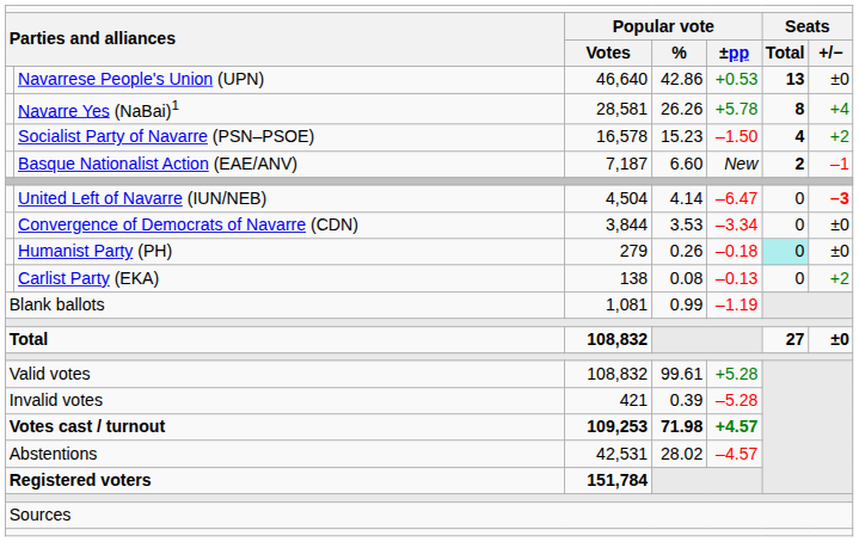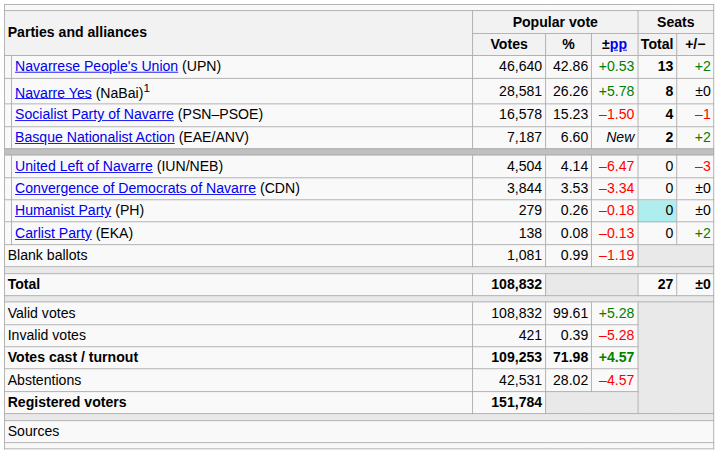 <table class="wikitable" style="text-align:right;">
 <tr>
 <td colspan="7"></td>
 </tr>
 <tr>
 <th style="text-align:left;" rowspan="2" colspan="2" width="525">Parties and alliances</th>
 <th colspan="3">Popular vote</th>
 <th colspan="2">Seats</th>
 </tr>
 <tr>
 <th width="75">Votes</th>
 <th width="45">%</th>
 <th width="45">±<a href='#'>pp</a></th>
 <th width="35">Total</th>
 <th width="35">+/−</th>
 </tr>
 <tr>
 <td width="1" style="color:inherit;background:"></td>
 <td align="left"><a href='#'>Navarrese People's Union</a> (UPN)</td>
 <td>46,640</td>
 <td>42.86</td>
 <td style="color:green;">+0.53</td>
 <td><strong>13</strong></td>
-<td>±0</td>
+<td style="color:green;">+2</td>
 </tr>
 <tr>
 <td style="color:inherit;background:"></td>
 <td align="left"><a href='#'>Navarre Yes</a> (NaBai)<sup>1</sup></td>
 <td>28,581</td>
 <td>26.26</td>
 <td style="color:green;">+5.78</td>
 <td><strong>8</strong></td>
-<td style="color:green;">+4</td>
+<td>±0</td>
 </tr>
 <tr>
 <td style="color:inherit;background:"></td>
 <td align="left"><a href='#'>Socialist Party of Navarre</a> (PSN–PSOE)</td>
 <td>16,578</td>
 <td>15.23</td>
 <td style="color:red;">–1.50</td>
 <td><strong>4</strong></td>
-<td style="color:green;">+2</td>
+<td style="color:red;">–1</td>
 </tr>
 <tr>
 <td style="color:inherit;background:"></td>
 <td align="left"><a href='#'>Basque Nationalist Action</a> (EAE/ANV)</td>
 <td>7,187</td>
 <td>6.60</td>
 <td><em>New</em></td>
 <td><strong>2</strong></td>
-<td style="color:red;">–1</td>
+<td style="color:green;">+2</td>
 </tr>
 <tr>
 <td colspan="7" bgcolor="#C0C0C0"></td>
 </tr>
 <tr>
 <td style="color:inherit;background:"></td>
 <td align="left"><a href='#'>United Left of Navarre</a> (IUN/NEB)</td>
 <td>4,504</td>
 <td>4.14</td>
 <td style="color:red;">–6.47</td>
 <td>0</td>
-<td style="color:red;"><strong>–3</strong></td>
+<td style="color:red;">–3</td>
 </tr>
 <tr>
 <td style="color:inherit;background:"></td>
 <td align="left"><a href='#'>Convergence of Democrats of Navarre</a> (CDN)</td>
 <td>3,844</td>
 <td>3.53</td>
 <td style="color:red;">–3.34</td>
 <td>0</td>
 <td>±0</td>
 </tr>
 <tr>
 <td style="color:inherit;background:"></td>
 <td align="left"><a href='#'>Humanist Party</a> (PH)</td>
 <td>279</td>
 <td>0.26</td>
 <td style="color:red;">–0.18</td>
 <td style="background: paleturquoise;">0</td>
 <td>±0</td>
 </tr>
 <tr>
 <td style="color:inherit;background:"></td>
 <td align="left"><a href='#'>Carlist Party</a> (EKA)</td>
 <td>138</td>
 <td>0.08</td>
 <td style="color:red;">–0.13</td>
 <td>0</td>
 <td style="color:green;">+2</td>
 </tr>
 <tr>
 <td align="left" colspan="2">Blank ballots</td>
 <td>1,081</td>
 <td>0.99</td>
 <td style="color:red;">–1.19</td>
 <td bgcolor="#E9E9E9" colspan="2"></td>
 </tr>
 <tr>
 <td colspan="7" bgcolor="#E9E9E9"></td>
 </tr>
 <tr style="font-weight:bold;">
 <td align="left" colspan="2">Total</td>
 <td>108,832</td>
 <td bgcolor="#E9E9E9" colspan="2"></td>
 <td>27</td>
 <td>±0</td>
 </tr>
 <tr>
 <td colspan="7" bgcolor="#E9E9E9"></td>
 </tr>
 <tr>
 <td align="left" colspan="2">Valid votes</td>
 <td>108,832</td>
 <td>99.61</td>
 <td style="color:green;">+5.28</td>
 <td bgcolor="#E9E9E9" colspan="2" rowspan="5"></td>
 </tr>
 <tr>
 <td align="left" colspan="2">Invalid votes</td>
 <td>421</td>
 <td>0.39</td>
 <td style="color:red;">–5.28</td>
 </tr>
 <tr style="font-weight:bold;">
 <td align="left" colspan="2">Votes cast / turnout</td>
 <td>109,253</td>
 <td>71.98</td>
 <td style="color:green;">+4.57</td>
 </tr>
 <tr>
 <td align="left" colspan="2">Abstentions</td>
 <td>42,531</td>
 <td>28.02</td>
 <td style="color:red;">–4.57</td>
 </tr>
 <tr style="font-weight:bold;">
 <td align="left" colspan="2">Registered voters</td>
 <td>151,784</td>
 <td bgcolor="#E9E9E9" colspan="2"></td>
 </tr>
 <tr>
 <td colspan="7" bgcolor="#E9E9E9"></td>
 </tr>
 <tr>
 <td align="left" colspan="7">Sources</td>
 </tr>
 <tr>
 <td colspan="7" style="text-align:left; max-width:790px;"></td>
 </tr>
 </table>
